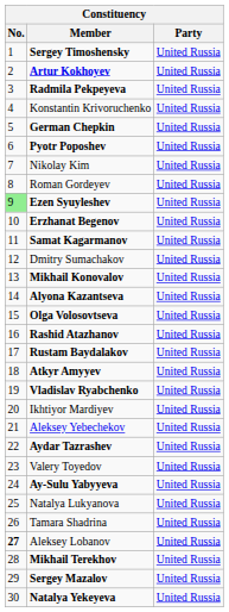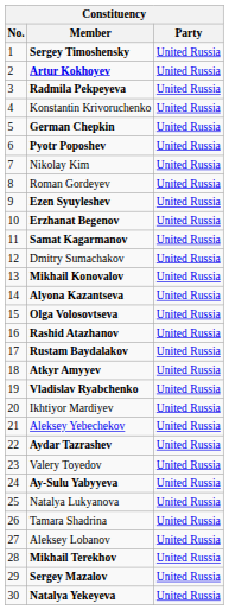 <table class="wikitable sortable mw-collapsible mw-collapsed" style="font-size: 95%;">
 <tr>
 <th colspan=3>Constituency</th>
 </tr>
 <tr>
 <th>No.</th>
 <th>Member</th>
 <th>Party</th>
 </tr>
 <tr>
 <td>1</td>
 <td><strong>Sergey Timoshensky</strong></td>
 <td><a href='#'>United Russia</a></td>
 </tr>
 <tr>
 <td>2</td>
 <td><strong><a href='#'>Artur Kokhoyev</a></strong></td>
 <td><a href='#'>United Russia</a></td>
 </tr>
 <tr>
 <td>3</td>
 <td><strong>Radmila Pekpeyeva</strong></td>
 <td><a href='#'>United Russia</a></td>
 </tr>
 <tr>
 <td>4</td>
 <td>Konstantin Krivoruchenko</td>
 <td><a href='#'>United Russia</a></td>
 </tr>
 <tr>
 <td>5</td>
 <td><strong>German Chepkin</strong></td>
 <td><a href='#'>United Russia</a></td>
 </tr>
 <tr>
 <td>6</td>
 <td><strong>Pyotr Poposhev</strong></td>
 <td><a href='#'>United Russia</a></td>
 </tr>
 <tr>
 <td>7</td>
 <td>Nikolay Kim</td>
 <td><a href='#'>United Russia</a></td>
 </tr>
 <tr>
 <td>8</td>
 <td>Roman Gordeyev</td>
 <td><a href='#'>United Russia</a></td>
 </tr>
 <tr>
-<td style="background: lightgreen;">9</td>
+<td>9</td>
 <td><strong>Ezen Syuyleshev</strong></td>
 <td><a href='#'>United Russia</a></td>
 </tr>
 <tr>
 <td>10</td>
 <td><strong>Erzhanat Begenov</strong></td>
 <td><a href='#'>United Russia</a></td>
 </tr>
 <tr>
 <td>11</td>
 <td><strong>Samat Kagarmanov</strong></td>
 <td><a href='#'>United Russia</a></td>
 </tr>
 <tr>
 <td>12</td>
 <td>Dmitry Sumachakov</td>
 <td><a href='#'>United Russia</a></td>
 </tr>
 <tr>
 <td>13</td>
 <td><strong>Mikhail Konovalov</strong></td>
 <td><a href='#'>United Russia</a></td>
 </tr>
 <tr>
 <td>14</td>
 <td><strong>Alyona Kazantseva</strong></td>
 <td><a href='#'>United Russia</a></td>
 </tr>
 <tr>
 <td>15</td>
 <td><strong>Olga Volosovtseva</strong></td>
 <td><a href='#'>United Russia</a></td>
 </tr>
 <tr>
 <td>16</td>
 <td><strong>Rashid Atazhanov</strong></td>
 <td><a href='#'>United Russia</a></td>
 </tr>
 <tr>
 <td>17</td>
 <td><strong>Rustam Baydalakov</strong></td>
 <td><a href='#'>United Russia</a></td>
 </tr>
 <tr>
 <td>18</td>
 <td><strong>Atkyr Amyyev</strong></td>
 <td><a href='#'>United Russia</a></td>
 </tr>
 <tr>
 <td>19</td>
 <td><strong>Vladislav Ryabchenko</strong></td>
 <td><a href='#'>United Russia</a></td>
 </tr>
 <tr>
 <td>20</td>
 <td>Ikhtiyor Mardiyev</td>
 <td><a href='#'>United Russia</a></td>
 </tr>
 <tr>
 <td>21</td>
 <td><a href='#'>Aleksey Yebechekov</a></td>
 <td><a href='#'>United Russia</a></td>
 </tr>
 <tr>
 <td>22</td>
 <td><strong>Aydar Tazrashev</strong></td>
 <td><a href='#'>United Russia</a></td>
 </tr>
 <tr>
 <td>23</td>
 <td>Valery Toyedov</td>
 <td><a href='#'>United Russia</a></td>
 </tr>
 <tr>
 <td>24</td>
 <td><strong>Ay-Sulu Yabyyeva</strong></td>
 <td><a href='#'>United Russia</a></td>
 </tr>
 <tr>
 <td>25</td>
 <td>Natalya Lukyanova</td>
 <td><a href='#'>United Russia</a></td>
 </tr>
 <tr>
 <td>26</td>
 <td>Tamara Shadrina</td>
 <td><a href='#'>United Russia</a></td>
 </tr>
 <tr>
-<td><strong>27</strong></td>
+<td>27</td>
 <td>Aleksey Lobanov</td>
 <td><a href='#'>United Russia</a></td>
 </tr>
 <tr>
 <td>28</td>
 <td><strong>Mikhail Terekhov</strong></td>
 <td><a href='#'>United Russia</a></td>
 </tr>
 <tr>
 <td>29</td>
 <td><strong>Sergey Mazalov</strong></td>
 <td><a href='#'>United Russia</a></td>
 </tr>
 <tr>
 <td>30</td>
 <td><strong>Natalya Yekeyeva</strong></td>
 <td><a href='#'>United Russia</a></td>
 </tr>
 </table>
